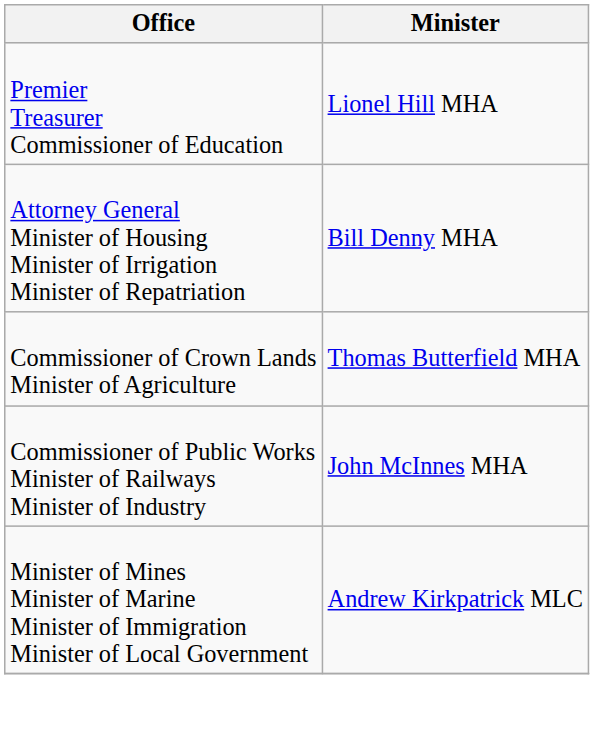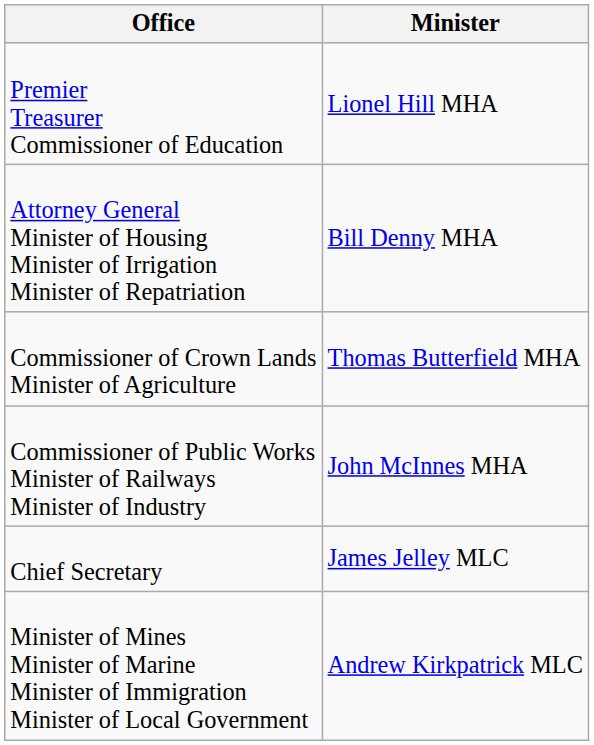 <table class="wikitable">
 <tr>
 <th>Office</th>
 <th>Minister</th>
 </tr>
 <tr>
 <td><br><a href='#'>Premier</a><br> <a href='#'>Treasurer</a><br> Commissioner of Education<br></td>
 <td><a href='#'>Lionel Hill</a> MHA</td>
 </tr>
 <tr>
 <td><br><a href='#'>Attorney General</a><br> Minister of Housing<br> Minister of Irrigation<br> Minister of Repatriation<br></td>
 <td><a href='#'>Bill Denny</a> MHA</td>
 </tr>
 <tr>
 <td><br>Commissioner of Crown Lands<br> Minister of Agriculture<br></td>
 <td><a href='#'>Thomas Butterfield</a> MHA</td>
 </tr>
 <tr>
 <td><br>Commissioner of Public Works<br> Minister of Railways<br> Minister of Industry<br></td>
 <td><a href='#'>John McInnes</a> MHA</td>
 </tr>
 <tr>
+<td><br>Chief Secretary<br></td>
+<td><a href='#'>James Jelley</a> MLC</td>
+</tr>
+<tr>
 <td><br>Minister of Mines<br> Minister of Marine<br> Minister of Immigration<br> Minister of Local Government<br></td>
 <td><a href='#'>Andrew Kirkpatrick</a> MLC</td>
 </tr>
 <tr>
 </tr>
 </table>
